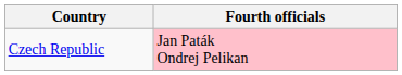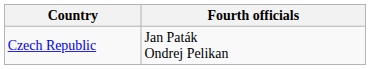 <table class="wikitable">
 <tr>
 <th width=150>Country</th>
 <th width=250>Fourth officials</th>
 </tr>
 <tr>
 <td> <a href='#'>Czech Republic</a></td>
-<td style="background: pink;">Jan Paták<br>Ondrej Pelikan</td>
+<td>Jan Paták<br>Ondrej Pelikan</td>
 </tr>
 </table>
